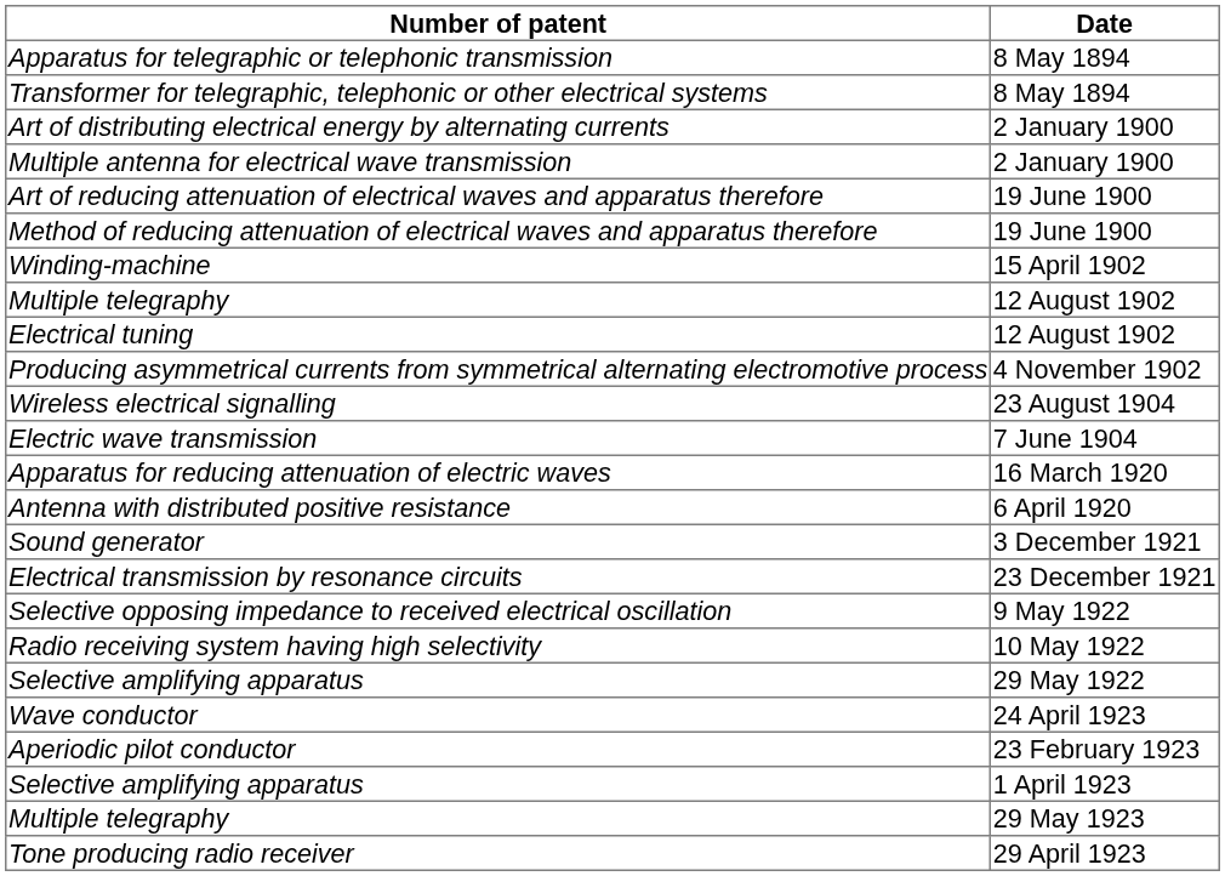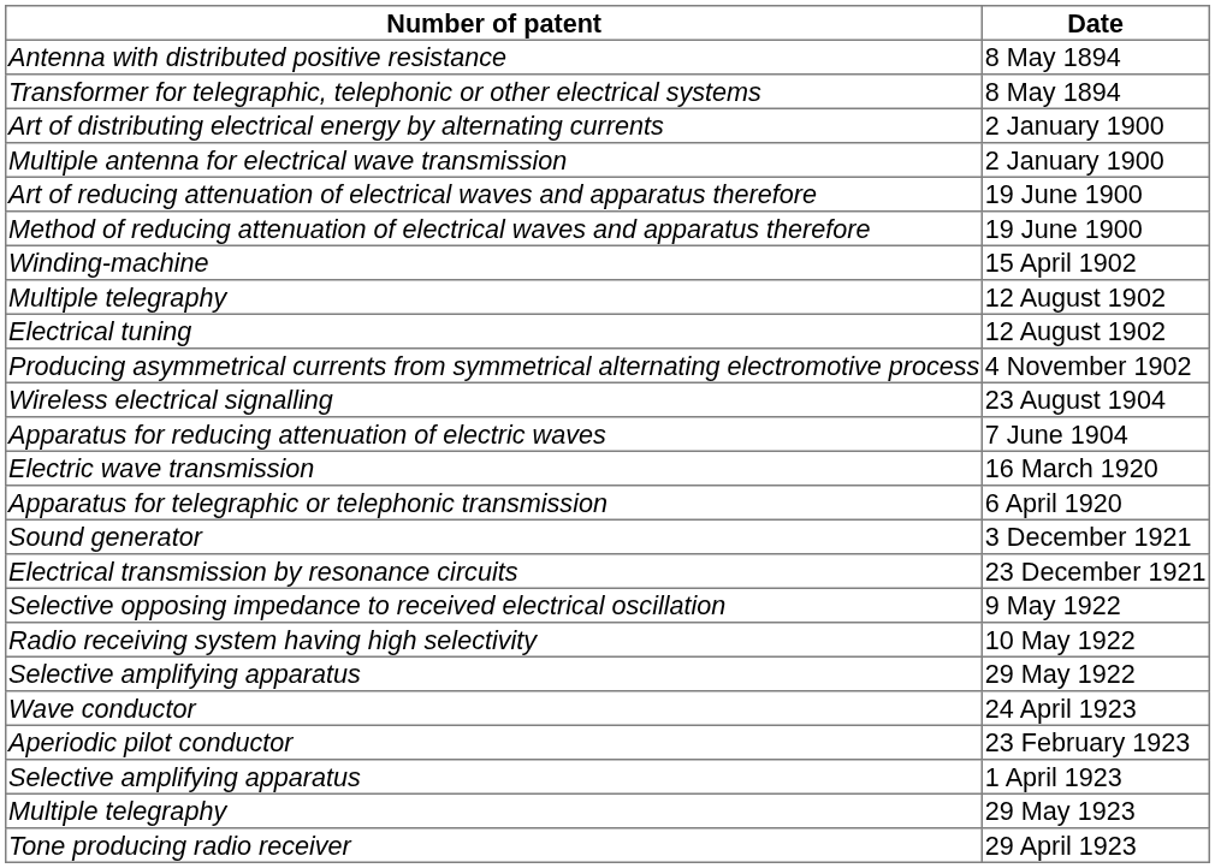 <table class = "sortable" | border="1" cellpadding="1" style="border-collapse: collapse; font-size:90%">
 <tr>
 <th><strong>Number of patent</strong></th>
 <th><strong>Date</strong></th>
 </tr>
 <tr>
-<td> <em>Apparatus for telegraphic or telephonic transmission</em></td>
+<td> <em>Antenna with distributed positive resistance</em></td>
 <td>8 May 1894</td>
 </tr>
 <tr>
 <td> <em>Transformer for telegraphic, telephonic or other electrical systems</em></td>
 <td>8 May 1894</td>
 </tr>
 <tr>
 <td> <em>Art of distributing electrical energy by alternating currents</em></td>
 <td>2 January 1900</td>
 </tr>
 <tr>
 <td> <em>Multiple antenna for electrical wave transmission</em></td>
 <td>2 January 1900</td>
 </tr>
 <tr>
 <td> <em>Art of reducing attenuation of electrical waves and apparatus therefore</em></td>
 <td>19 June 1900</td>
 </tr>
 <tr>
 <td> <em>Method of reducing attenuation of electrical waves and apparatus therefore</em></td>
 <td>19 June 1900</td>
 </tr>
 <tr>
 <td> <em>Winding-machine</em></td>
 <td>15 April 1902</td>
 </tr>
 <tr>
 <td> <em>Multiple telegraphy</em></td>
 <td>12 August 1902</td>
 </tr>
 <tr>
 <td> <em>Electrical tuning</em></td>
 <td>12 August 1902</td>
 </tr>
 <tr>
 <td> <em>Producing asymmetrical currents from symmetrical alternating electromotive process</em></td>
 <td>4 November 1902</td>
 </tr>
 <tr>
 <td> <em>Wireless electrical signalling</em></td>
 <td>23 August 1904</td>
 </tr>
 <tr>
-<td> <em>Electric wave transmission</em></td>
+<td> <em>Apparatus for reducing attenuation of electric waves</em></td>
 <td>7 June 1904</td>
 </tr>
 <tr>
-<td> <em>Apparatus for reducing attenuation of electric waves</em></td>
+<td> <em>Electric wave transmission</em></td>
 <td>16 March 1920</td>
 </tr>
 <tr>
-<td> <em>Antenna with distributed positive resistance</em></td>
+<td> <em>Apparatus for telegraphic or telephonic transmission</em></td>
 <td>6 April 1920</td>
 </tr>
 <tr>
 <td> <em>Sound generator</em></td>
 <td>3 December 1921</td>
 </tr>
 <tr>
 <td> <em>Electrical transmission by resonance circuits</em></td>
 <td>23 December 1921</td>
 </tr>
 <tr>
 <td> <em>Selective opposing impedance to received electrical oscillation</em></td>
 <td>9 May 1922</td>
 </tr>
 <tr>
 <td> <em>Radio receiving system having high selectivity</em></td>
 <td>10 May 1922</td>
 </tr>
 <tr>
 <td> <em>Selective amplifying apparatus</em></td>
 <td>29 May 1922</td>
 </tr>
 <tr>
 <td> <em>Wave conductor</em></td>
 <td>24 April 1923</td>
 </tr>
 <tr>
 <td> <em>Aperiodic pilot conductor</em></td>
 <td>23 February 1923</td>
 </tr>
 <tr>
 <td> <em>Selective amplifying apparatus</em></td>
 <td>1 April 1923</td>
 </tr>
 <tr>
 <td> <em>Multiple telegraphy</em></td>
 <td>29 May 1923</td>
 </tr>
 <tr>
 <td> <em>Tone producing radio receiver</em></td>
 <td>29 April 1923</td>
 </tr>
 </table>
